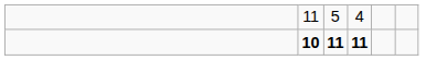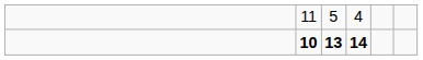 <table class="wikitable">
 <tr>
 <td style="width:18em"></td>
 <td align=center style="width:1em">11</td>
 <td align=center style="width:1em">5</td>
 <td align=center style="width:1em">4</td>
 <td align=center style="width:1em"></td>
 <td align=center style="width:1em"></td>
 </tr>
 <tr>
 <td style="width:18em"><strong></strong></td>
 <td align=center style="width:1em"><strong>10</strong></td>
-<td align=center style="width:1em"><strong>11</strong></td>
-<td align=center style="width:1em"><strong>11</strong></td>
+<td align=center style="width:1em"><strong>13</strong></td>
+<td align=center style="width:1em"><strong>14</strong></td>
 <td align=center style="width:1em"></td>
 <td align=center style="width:1em"></td>
 </tr>
 </table>
